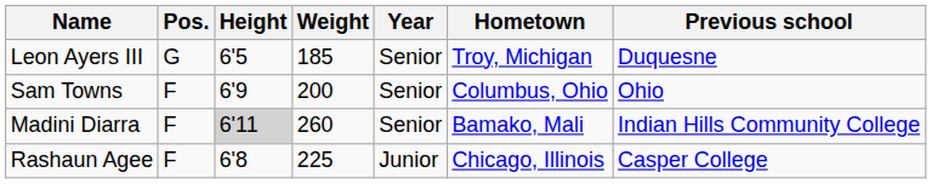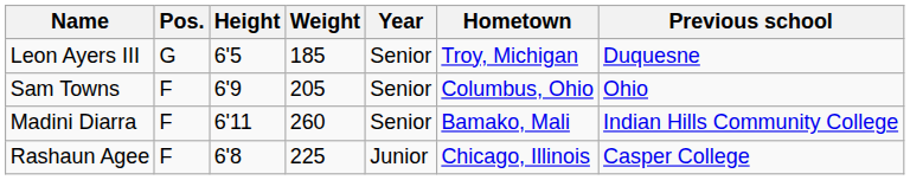 <table class="wikitable sortable" border="1">
 <tr align=center>
 <th>Name</th>
 <th>Pos.</th>
 <th>Height</th>
 <th>Weight</th>
 <th>Year</th>
 <th>Hometown</th>
 <th>Previous school</th>
 </tr>
 <tr>
 <td>Leon Ayers III</td>
 <td>G</td>
 <td>6'5</td>
 <td>185</td>
 <td>Senior</td>
 <td><a href='#'>Troy, Michigan</a></td>
 <td><a href='#'>Duquesne</a></td>
 </tr>
 <tr>
 <td>Sam Towns</td>
 <td>F</td>
 <td>6'9</td>
-<td>200</td>
+<td>205</td>
 <td>Senior</td>
 <td><a href='#'>Columbus, Ohio</a></td>
 <td><a href='#'>Ohio</a></td>
 </tr>
 <tr>
 <td>Madini Diarra</td>
 <td>F</td>
-<td style="background: lightgrey;">6'11</td>
+<td>6'11</td>
 <td>260</td>
 <td>Senior</td>
 <td><a href='#'>Bamako, Mali</a></td>
 <td><a href='#'>Indian Hills Community College</a></td>
 </tr>
 <tr>
 <td>Rashaun Agee</td>
 <td>F</td>
 <td>6'8</td>
 <td>225</td>
 <td>Junior</td>
 <td><a href='#'>Chicago, Illinois</a></td>
 <td><a href='#'>Casper College</a></td>
 </tr>
 </table>
